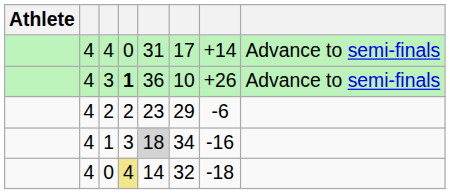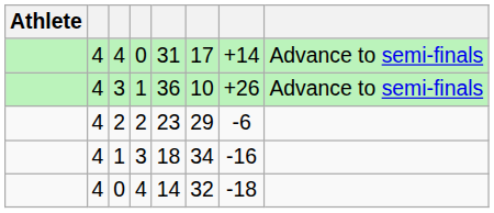 <table class=wikitable style="text-align:center">
 <tr>
 <th>Athlete</th>
 <th></th>
 <th></th>
 <th></th>
 <th></th>
 <th></th>
 <th></th>
 <th></th>
 </tr>
 <tr bgcolor=bbf3bb>
 <td style="text-align:left"></td>
 <td>4</td>
 <td>4</td>
 <td>0</td>
 <td>31</td>
 <td>17</td>
 <td>+14</td>
 <td>Advance to <a href='#'>semi-finals</a></td>
 </tr>
 <tr bgcolor=bbf3bb>
 <td style="text-align:left"></td>
 <td>4</td>
 <td>3</td>
-<td><strong>1</strong></td>
+<td>1</td>
 <td>36</td>
 <td>10</td>
 <td>+26</td>
 <td>Advance to <a href='#'>semi-finals</a></td>
 </tr>
 <tr>
 <td style="text-align:left"></td>
 <td>4</td>
 <td>2</td>
 <td>2</td>
 <td>23</td>
 <td>29</td>
 <td>-6</td>
 <td></td>
 </tr>
 <tr>
 <td style="text-align:left"></td>
 <td>4</td>
 <td>1</td>
 <td>3</td>
-<td style="background: lightgrey;">18</td>
+<td>18</td>
 <td>34</td>
 <td>-16</td>
 <td></td>
 </tr>
 <tr>
 <td style="text-align:left"></td>
 <td>4</td>
 <td>0</td>
-<td style="background: khaki;">4</td>
+<td>4</td>
 <td>14</td>
 <td>32</td>
 <td>-18</td>
 <td></td>
 </tr>
 </table>
